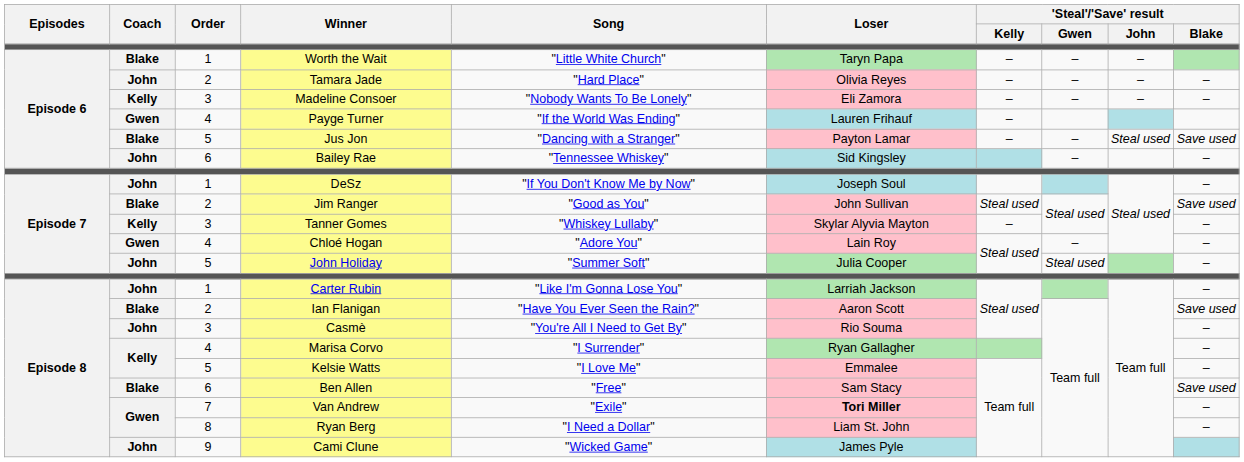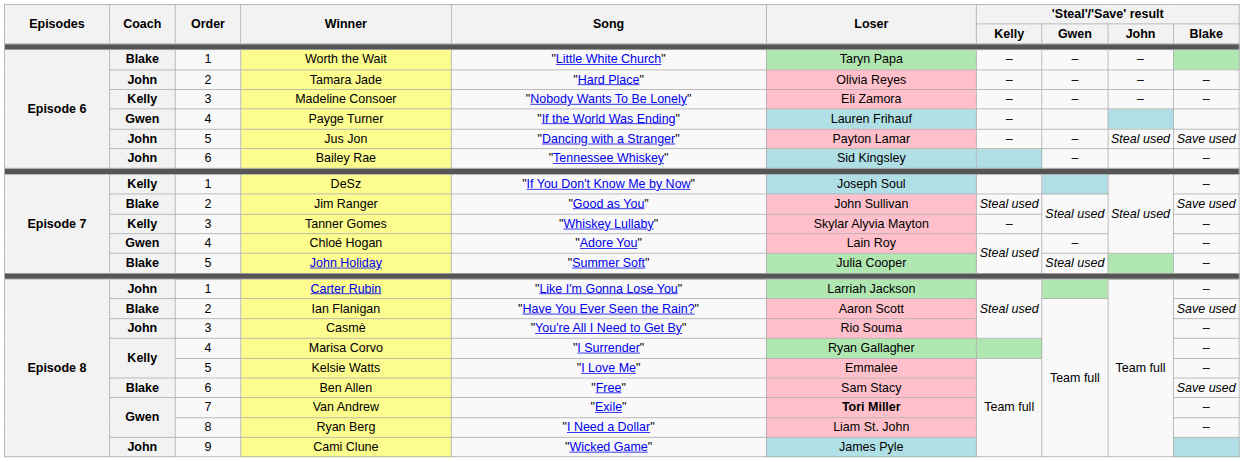 <table class="wikitable" style="text-align: center; width:100%">
 <tr>
 <th rowspan="2" style="width:08%">Episodes</th>
 <th rowspan="2" style="width:05%">Coach</th>
 <th rowspan="2" style="width:05%">Order</th>
 <th rowspan="2" style="width:16%">Winner</th>
 <th rowspan="2" style="width:24%">Song</th>
 <th rowspan="2" style="width:16%">Loser</th>
 <th colspan="4" style="width:16%">'Steal'/'Save' result</th>
 </tr>
 <tr>
 <th style="width:05%">Kelly</th>
 <th style="width:05%">Gwen</th>
 <th style="width:05%">John</th>
 <th style="width:05%">Blake</th>
 </tr>
 <tr>
 <td colspan="10" style="background:#555"></td>
 </tr>
 <tr>
 <th rowspan="6">Episode 6 <br></th>
 <th scope="row">Blake</th>
 <td>1</td>
 <td style="background:#fdfc8f">Worth the Wait</td>
 <td>"<a href='#'>Little White Church</a>"</td>
 <td style="background:#b0e6b0">Taryn Papa</td>
 <td>–</td>
 <td>–</td>
 <td>–</td>
 <td style="background:#b0e6b0"><em></em></td>
 </tr>
 <tr>
 <th scope="row">John</th>
 <td>2</td>
 <td style="background:#fdfc8f">Tamara Jade</td>
 <td>"<a href='#'>Hard Place</a>"</td>
 <td style="background:pink">Olivia Reyes</td>
 <td>–</td>
 <td>–</td>
 <td>–</td>
 <td>–</td>
 </tr>
 <tr>
 <th scope="row">Kelly</th>
 <td>3</td>
 <td style="background:#fdfc8f">Madeline Consoer</td>
 <td>"<a href='#'>Nobody Wants To Be Lonely</a>"</td>
 <td style="background:pink">Eli Zamora</td>
 <td>–</td>
 <td>–</td>
 <td>–</td>
 <td>–</td>
 </tr>
 <tr>
 <th scope="row">Gwen</th>
 <td>4</td>
 <td style="background:#fdfc8f">Payge Turner</td>
 <td>"<a href='#'>If the World Was Ending</a>"</td>
 <td style="background:#b0e0e6">Lauren Frihauf</td>
 <td>–</td>
 <td></td>
 <td style="background:#b0e0e6"><em></em></td>
 <td><em></em></td>
 </tr>
 <tr>
-<th scope="row">Blake</th>
+<th scope="row">John</th>
 <td>5</td>
 <td style="background:#fdfc8f">Jus Jon</td>
 <td>"<a href='#'>Dancing with a Stranger</a>"</td>
 <td style="background:pink">Payton Lamar</td>
 <td>–</td>
 <td>–</td>
 <td><em>Steal used</em></td>
 <td><em>Save used</em></td>
 </tr>
 <tr>
 <th scope="row">John</th>
 <td>6</td>
 <td style="background:#fdfc8f">Bailey Rae</td>
 <td>"<a href='#'>Tennessee Whiskey</a>"</td>
 <td style="background:#b0e0e6">Sid Kingsley</td>
 <td style="background:#b0e0e6"><em></em></td>
 <td>–</td>
 <td rowspan="1"></td>
 <td>–</td>
 </tr>
 <tr>
 <td colspan="10" style="background:#555"></td>
 </tr>
 <tr>
 <th rowspan="5">Episode 7 <br></th>
-<th scope="row">John</th>
+<th scope="row">Kelly</th>
 <td>1</td>
 <td style="background:#fdfc8f">DeSz</td>
 <td>"<a href='#'>If You Don't Know Me by Now</a>"</td>
 <td style="background:#b0e0e6">Joseph Soul</td>
 <td rowspan="1"></td>
 <td style="background:#b0e0e6"><em></em></td>
 <td rowspan="4"><em>Steal used</em></td>
 <td>–</td>
 </tr>
 <tr>
 <th scope="row">Blake</th>
 <td>2</td>
 <td style="background:#fdfc8f">Jim Ranger</td>
 <td>"<a href='#'>Good as You</a>"</td>
 <td style="background:pink">John Sullivan</td>
 <td><em>Steal used</em></td>
 <td rowspan="2"><em>Steal used</em></td>
 <td><em>Save used</em></td>
 </tr>
 <tr>
 <th scope=="row">Kelly</th>
 <td>3</td>
 <td style="background:#fdfc8f">Tanner Gomes</td>
 <td>"<a href='#'>Whiskey Lullaby</a>"</td>
 <td style="background:pink">Skylar Alyvia Mayton</td>
 <td>–</td>
 <td>–</td>
 </tr>
 <tr>
 <th scope="row">Gwen</th>
 <td>4</td>
 <td style="background:#fdfc8f">Chloé Hogan</td>
 <td>"<a href='#'>Adore You</a>"</td>
 <td style="background:pink">Lain Roy</td>
 <td rowspan="2"><em>Steal used</em></td>
 <td>–</td>
 <td>–</td>
 </tr>
 <tr>
-<th scope="row">John</th>
+<th scope="row">Blake</th>
 <td>5</td>
 <td style="background:#fdfc8f"><a href='#'>John Holiday</a></td>
 <td>"<a href='#'>Summer Soft</a>"</td>
 <td style="background:#b0e6b0">Julia Cooper</td>
 <td><em>Steal used</em></td>
 <td style="background:#b0e6b0"><em></em></td>
 <td>–</td>
 </tr>
 <tr>
 <td colspan="10" style="background:#555"></td>
 </tr>
 <tr>
 <th rowspan="9">Episode 8 <br></th>
 <th scope="row">John</th>
 <td>1</td>
 <td style="background:#fdfc8f"><a href='#'>Carter Rubin</a></td>
 <td>"<a href='#'>Like I'm Gonna Lose You</a>"</td>
 <td style="background:#b0e6b0">Larriah Jackson</td>
 <td rowspan="3"><em>Steal used</em></td>
 <td style="background:#b0e6b0"><em></em></td>
 <td rowspan="9">Team full</td>
 <td>–</td>
 </tr>
 <tr>
 <th scope="row">Blake</th>
 <td>2</td>
 <td style="background:#fdfc8f">Ian Flanigan</td>
 <td>"<a href='#'>Have You Ever Seen the Rain?</a>"</td>
 <td style="background:pink">Aaron Scott</td>
 <td rowspan="8”">Team full</td>
 <td><em>Save used</em></td>
 </tr>
 <tr>
 <th scope="row">John</th>
 <td>3</td>
 <td style="background:#fdfc8f">Casmè</td>
 <td>"<a href='#'>You're All I Need to Get By</a>"</td>
 <td style="background:pink">Rio Souma</td>
 <td>–</td>
 </tr>
 <tr>
 <th scope="row" rowspan="2">Kelly</th>
 <td>4</td>
 <td style="background:#fdfc8f">Marisa Corvo</td>
 <td>"<a href='#'>I Surrender</a>"</td>
 <td style="background:#b0e6b0">Ryan Gallagher</td>
 <td style="background:#b0e6b0"><em></em></td>
 <td>–</td>
 </tr>
 <tr>
 <td>5</td>
 <td style="background:#fdfc8f">Kelsie Watts</td>
 <td>"<a href='#'>I Love Me</a>"</td>
 <td style="background:pink">Emmalee</td>
 <td rowspan="5”">Team full</td>
 <td>–</td>
 </tr>
 <tr>
 <th scope="row">Blake</th>
 <td>6</td>
 <td style="background:#fdfc8f">Ben Allen</td>
 <td>"<a href='#'>Free</a>"</td>
 <td style="background:pink">Sam Stacy</td>
 <td><em>Save used</em></td>
 </tr>
 <tr>
 <th scope="row" rowspan="2">Gwen</th>
 <td>7</td>
 <td style="background:#fdfc8f">Van Andrew</td>
 <td>"<a href='#'>Exile</a>"</td>
 <td style="background:pink"><strong>Tori Miller</strong></td>
 <td>–</td>
 </tr>
 <tr>
 <td>8</td>
 <td style="background:#fdfc8f">Ryan Berg</td>
 <td>"<a href='#'>I Need a Dollar</a>"</td>
 <td style="background:pink">Liam St. John</td>
 <td>–</td>
 </tr>
 <tr>
 <th scope="row">John</th>
 <td>9</td>
 <td style="background:#fdfc8f">Cami Clune</td>
 <td>"<a href='#'>Wicked Game</a>"</td>
 <td style="background:#b0e0e6">James Pyle</td>
 <td style="background:#b0e0e6"><em></em></td>
 </tr>
 </table>
